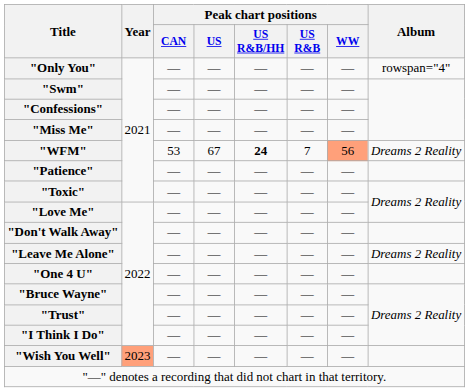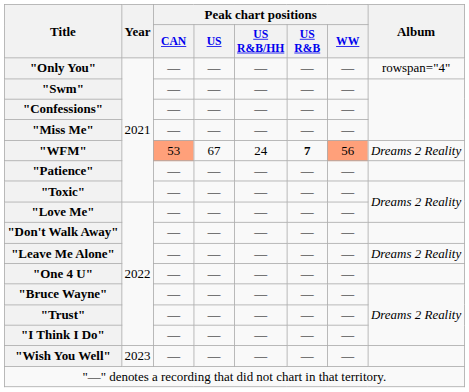 <table class="wikitable plainrowheaders" style="text-align: center;">
 <tr>
 <th rowspan="2">Title</th>
 <th rowspan="2">Year</th>
 <th colspan="5">Peak chart positions</th>
 <th rowspan="2">Album</th>
 </tr>
 <tr>
 <th scope="col" style="width:3em;font-size:90%;"><a href='#'>CAN</a><br></th>
 <th scope="col" style="width:3em;font-size:90%;"><a href='#'>US</a><br></th>
 <th scope="col" style="width:3em;font-size:90%;"><a href='#'>US<br>R&B/HH</a><br></th>
 <th scope="col" style="width:3em;font-size:90%;"><a href='#'>US<br>R&B</a><br></th>
 <th scope="col" style="width:3em;font-size:90%;"><a href='#'>WW</a><br></th>
 </tr>
 <tr>
 <th scope="row">"Only You"</th>
 <td rowspan="7">2021</td>
 <td>—</td>
 <td>—</td>
 <td>—</td>
 <td>—</td>
 <td>—</td>
 <td>rowspan="4" </td>
 </tr>
 <tr>
 <th scope="row">"Swm"</th>
 <td>—</td>
 <td>—</td>
 <td>—</td>
 <td>—</td>
 <td>—</td>
 </tr>
 <tr>
 <th scope="row">"Confessions"</th>
 <td>—</td>
 <td>—</td>
 <td>—</td>
 <td>—</td>
 <td>—</td>
 </tr>
 <tr>
 <th scope="row">"Miss Me"</th>
 <td>—</td>
 <td>—</td>
 <td>—</td>
 <td>—</td>
 <td>—</td>
 </tr>
 <tr>
 <th scope="row">"WFM"</th>
-<td>53</td>
+<td style="background: lightsalmon;">53</td>
 <td>67</td>
-<td><strong>24</strong></td>
-<td>7</td>
+<td>24</td>
+<td><strong>7</strong></td>
 <td style="background: lightsalmon;">56</td>
 <td><em>Dreams 2 Reality</em></td>
 </tr>
 <tr>
 <th scope="row">"Patience"</th>
 <td>—</td>
 <td>—</td>
 <td>—</td>
 <td>—</td>
 <td>—</td>
 <td></td>
 </tr>
 <tr>
 <th scope="row">"Toxic"</th>
 <td>—</td>
 <td>—</td>
 <td>—</td>
 <td>—</td>
 <td>—</td>
 <td rowspan="2"><em>Dreams 2 Reality</em></td>
 </tr>
 <tr>
 <th scope="row">"Love Me"</th>
 <td rowspan="7">2022</td>
 <td>—</td>
 <td>—</td>
 <td>—</td>
 <td>—</td>
 <td>—</td>
 </tr>
 <tr>
 <th scope="row">"Don't Walk Away"</th>
 <td>—</td>
 <td>—</td>
 <td>—</td>
 <td>—</td>
 <td>—</td>
 <td></td>
 </tr>
 <tr>
 <th scope="row">"Leave Me Alone"</th>
 <td>—</td>
 <td>—</td>
 <td>—</td>
 <td>—</td>
 <td>—</td>
 <td><em>Dreams 2 Reality</em></td>
 </tr>
 <tr>
 <th scope="row">"One 4 U"</th>
 <td>—</td>
 <td>—</td>
 <td>—</td>
 <td>—</td>
 <td>—</td>
 <td></td>
 </tr>
 <tr>
 <th scope="row">"Bruce Wayne"</th>
 <td>—</td>
 <td>—</td>
 <td>—</td>
 <td>—</td>
 <td>—</td>
 <td rowspan="3"><em>Dreams 2 Reality</em></td>
 </tr>
 <tr>
 <th scope="row">"Trust"</th>
 <td>—</td>
 <td>—</td>
 <td>—</td>
 <td>—</td>
 <td>—</td>
 </tr>
 <tr>
 <th scope="row">"I Think I Do"</th>
 <td>—</td>
 <td>—</td>
 <td>—</td>
 <td>—</td>
 <td>—</td>
 </tr>
 <tr>
 <th scope="row">"Wish You Well"</th>
-<td style="background: lightsalmon;">2023</td>
+<td>2023</td>
 <td>—</td>
 <td>—</td>
 <td>—</td>
 <td>—</td>
 <td>—</td>
 <td></td>
 </tr>
 <tr>
 <td colspan="8">"—" denotes a recording that did not chart in that territory.</td>
 </tr>
 </table>
